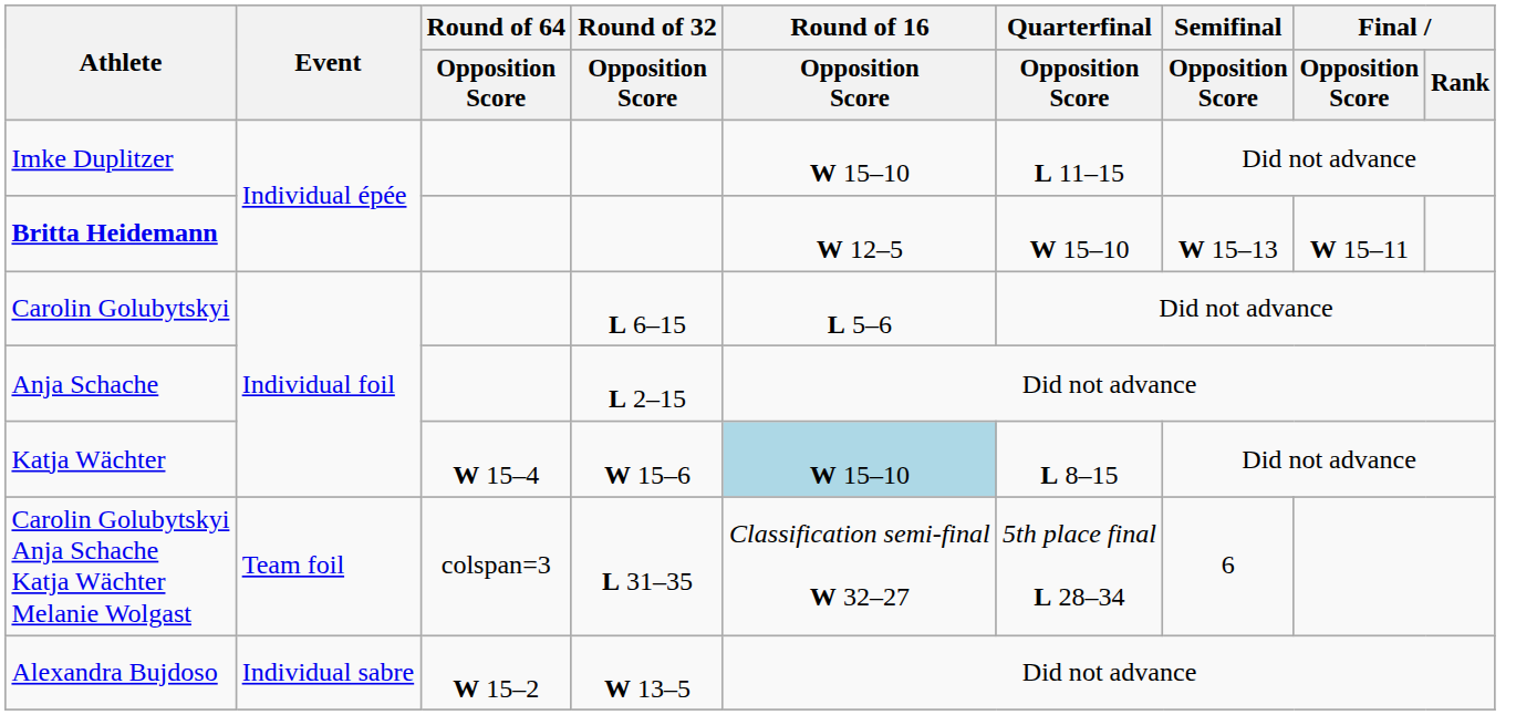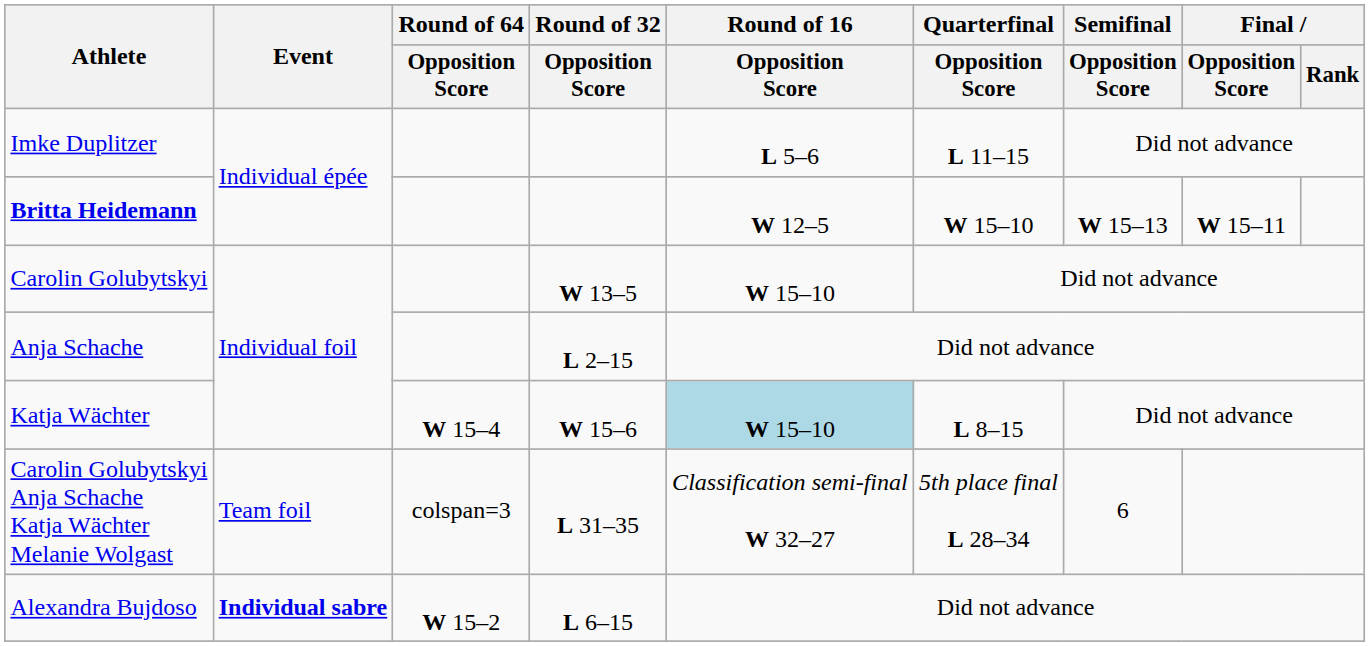 <table class="wikitable" style="font-size:90%">
 <tr>
 <th rowspan="2">Athlete</th>
 <th rowspan="2">Event</th>
 <th>Round of 64</th>
 <th>Round of 32</th>
 <th>Round of 16</th>
 <th>Quarterfinal</th>
 <th>Semifinal</th>
 <th colspan=2>Final / </th>
 </tr>
 <tr style="font-size:95%">
 <th>Opposition <br> Score</th>
 <th>Opposition <br> Score</th>
 <th>Opposition <br> Score</th>
 <th>Opposition <br> Score</th>
 <th>Opposition <br> Score</th>
 <th>Opposition <br> Score</th>
 <th>Rank</th>
 </tr>
 <tr align=center>
 <td align=left><a href='#'>Imke Duplitzer</a></td>
 <td align=left rowspan=2><a href='#'>Individual épée</a></td>
 <td></td>
 <td></td>
-<td><br><strong>W</strong> 15–10</td>
+<td><br><strong>L</strong> 5–6</td>
 <td><br><strong>L</strong> 11–15</td>
 <td colspan=3>Did not advance</td>
 </tr>
 <tr align=center>
 <td align=left><strong><a href='#'>Britta Heidemann</a></strong></td>
 <td></td>
 <td></td>
 <td><br><strong>W</strong> 12–5</td>
 <td><br><strong>W</strong> 15–10</td>
 <td><br><strong>W</strong> 15–13</td>
 <td><br><strong>W</strong> 15–11</td>
 <td></td>
 </tr>
 <tr align=center>
 <td align=left><a href='#'>Carolin Golubytskyi</a></td>
 <td align=left rowspan=3><a href='#'>Individual foil</a></td>
 <td></td>
-<td><br><strong>L</strong> 6–15</td>
-<td><br><strong>L</strong> 5–6</td>
+<td><br><strong>W</strong> 13–5</td>
+<td><br><strong>W</strong> 15–10</td>
 <td colspan=4>Did not advance</td>
 </tr>
 <tr align=center>
 <td align=left><a href='#'>Anja Schache</a></td>
 <td></td>
 <td><br><strong>L</strong> 2–15</td>
 <td colspan=5>Did not advance</td>
 </tr>
 <tr align=center>
 <td align=left><a href='#'>Katja Wächter</a></td>
 <td><br><strong>W</strong> 15–4</td>
 <td><br><strong>W</strong> 15–6</td>
 <td style="background: lightblue;"><br><strong>W</strong> 15–10</td>
 <td><br><strong>L</strong> 8–15</td>
 <td colspan=3>Did not advance</td>
 </tr>
 <tr align=center>
 <td align=left><a href='#'>Carolin Golubytskyi</a><br><a href='#'>Anja Schache</a><br><a href='#'>Katja Wächter</a><br><a href='#'>Melanie Wolgast</a></td>
 <td align=left><a href='#'>Team foil</a></td>
 <td>colspan=3 </td>
 <td><br><strong>L</strong> 31–35</td>
 <td><em>Classification semi-final</em><br><br><strong>W</strong> 32–27</td>
 <td><em>5th place final</em><br><br><strong>L</strong> 28–34</td>
 <td>6</td>
 </tr>
 <tr align=center>
 <td align=left><a href='#'>Alexandra Bujdoso</a></td>
-<td align=left><a href='#'>Individual sabre</a></td>
+<td align=left><strong><a href='#'>Individual sabre</a></strong></td>
 <td><br><strong>W</strong> 15–2</td>
-<td><br><strong>W</strong> 13–5</td>
+<td><br><strong>L</strong> 6–15</td>
 <td colspan=5>Did not advance</td>
 </tr>
 </table>
